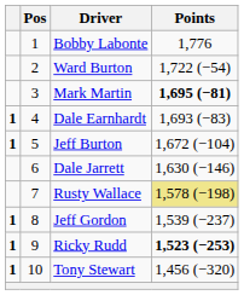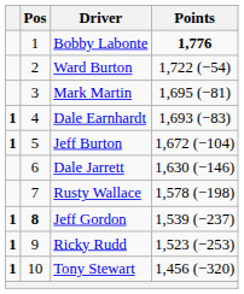 <table class="wikitable" style="font-size: 95%;">
 <tr>
 <th></th>
 <th>Pos</th>
 <th>Driver</th>
 <th>Points</th>
 </tr>
 <tr>
 <td align="left"></td>
 <td style="text-align:center;">1</td>
 <td><a href='#'>Bobby Labonte</a></td>
-<td style="text-align:center;">1,776</td>
+<td style="text-align:center;"><strong>1,776</strong></td>
 </tr>
 <tr>
 <td align="left"></td>
 <td style="text-align:center;">2</td>
 <td><a href='#'>Ward Burton</a></td>
 <td style="text-align:center;">1,722 (−54)</td>
 </tr>
 <tr>
 <td align="left"></td>
 <td style="text-align:center;">3</td>
 <td><a href='#'>Mark Martin</a></td>
-<td style="text-align:center;"><strong>1,695 (−81)</strong></td>
+<td style="text-align:center;">1,695 (−81)</td>
 </tr>
 <tr>
 <td align="left">  <strong>1</strong></td>
 <td style="text-align:center;">4</td>
 <td><a href='#'>Dale Earnhardt</a></td>
 <td style="text-align:center;">1,693 (−83)</td>
 </tr>
 <tr>
 <td align="left">  <strong>1</strong></td>
 <td style="text-align:center;">5</td>
 <td><a href='#'>Jeff Burton</a></td>
 <td style="text-align:center;">1,672 (−104)</td>
 </tr>
 <tr>
 <td align="left"></td>
 <td style="text-align:center;">6</td>
 <td><a href='#'>Dale Jarrett</a></td>
 <td style="text-align:center;">1,630 (−146)</td>
 </tr>
 <tr>
 <td align="left"></td>
 <td style="text-align:center;">7</td>
 <td><a href='#'>Rusty Wallace</a></td>
-<td style="background: khaki; text-align:center;">1,578 (−198)</td>
+<td style="text-align:center;">1,578 (−198)</td>
 </tr>
 <tr>
 <td align="left">  <strong>1</strong></td>
-<td style="text-align:center;">8</td>
+<td style="text-align:center;"><strong>8</strong></td>
 <td><a href='#'>Jeff Gordon</a></td>
 <td style="text-align:center;">1,539 (−237)</td>
 </tr>
 <tr>
 <td align="left">  <strong>1</strong></td>
 <td style="text-align:center;">9</td>
 <td><a href='#'>Ricky Rudd</a></td>
-<td style="text-align:center;"><strong>1,523 (−253)</strong></td>
+<td style="text-align:center;">1,523 (−253)</td>
 </tr>
 <tr>
 <td align="left">  <strong>1</strong></td>
 <td style="text-align:center;">10</td>
 <td><a href='#'>Tony Stewart</a></td>
 <td style="text-align:center;">1,456 (−320)</td>
 </tr>
 <tr class="sortbottom">
 <th colspan="9"></th>
 </tr>
 </table>
